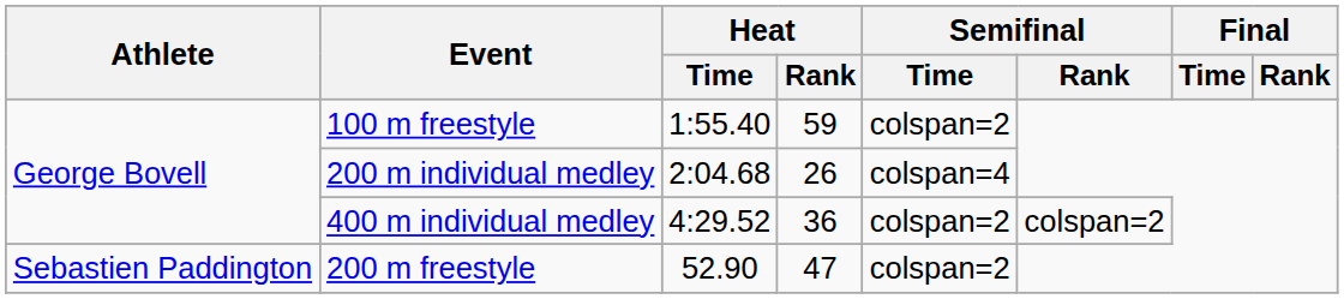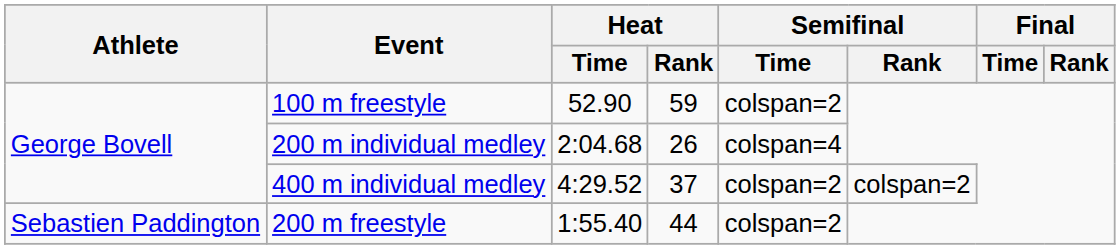 <table class=wikitable style=font-size:90%;text-align:center>
 <tr>
 <th rowspan=2>Athlete</th>
 <th rowspan=2>Event</th>
 <th colspan=2>Heat</th>
 <th colspan=2>Semifinal</th>
 <th colspan=2>Final</th>
 </tr>
 <tr style=font-size:95%>
 <th>Time</th>
 <th>Rank</th>
 <th>Time</th>
 <th>Rank</th>
 <th>Time</th>
 <th>Rank</th>
 </tr>
 <tr>
 <td align=left rowspan=3><a href='#'>George Bovell</a></td>
 <td align=left><a href='#'>100 m freestyle</a></td>
-<td>1:55.40</td>
+<td>52.90</td>
 <td>59</td>
 <td>colspan=2 </td>
 </tr>
 <tr>
 <td align=left><a href='#'>200 m individual medley</a></td>
 <td>2:04.68</td>
 <td>26</td>
 <td>colspan=4 </td>
 </tr>
 <tr>
 <td align=left><a href='#'>400 m individual medley</a></td>
 <td>4:29.52</td>
-<td>36</td>
+<td>37</td>
 <td>colspan=2 </td>
 <td>colspan=2 </td>
 </tr>
 <tr>
 <td align=left><a href='#'>Sebastien Paddington</a></td>
 <td align=left><a href='#'>200 m freestyle</a></td>
-<td>52.90</td>
-<td>47</td>
+<td>1:55.40</td>
+<td>44</td>
 <td>colspan=2 </td>
 </tr>
 </table>
